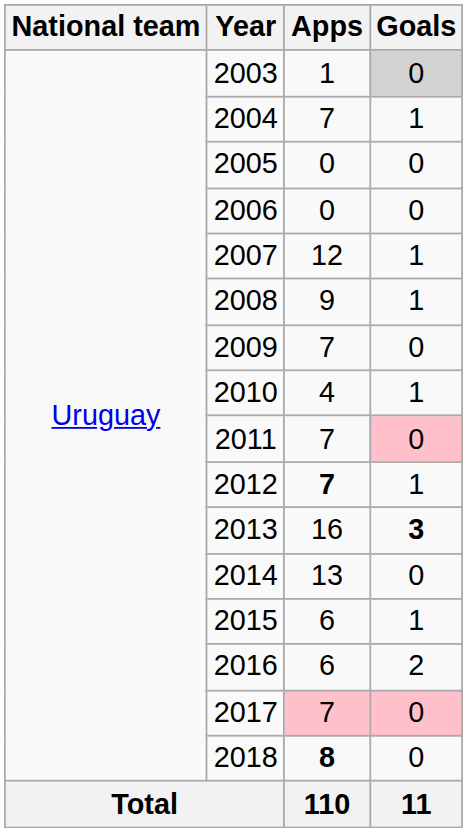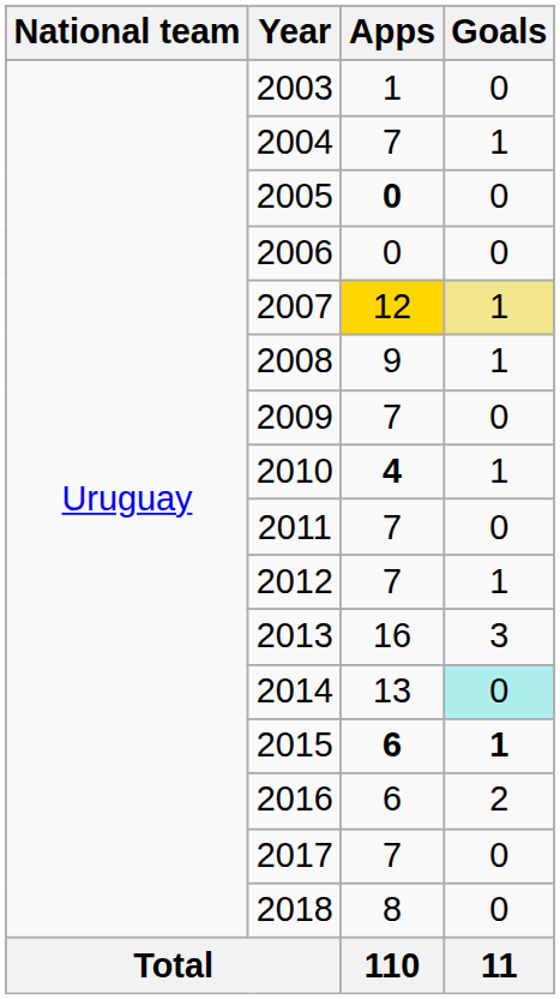 <table class="wikitable" style="text-align:center">
 <tr>
 <th>National team</th>
 <th>Year</th>
 <th>Apps</th>
 <th>Goals</th>
 </tr>
 <tr>
 <td rowspan="16"><a href='#'>Uruguay</a></td>
 <td>2003</td>
 <td>1</td>
-<td style="background: lightgrey;">0</td>
+<td>0</td>
 </tr>
 <tr>
 <td>2004</td>
 <td>7</td>
 <td>1</td>
 </tr>
 <tr>
 <td>2005</td>
-<td>0</td>
+<td><strong>0</strong></td>
 <td>0</td>
 </tr>
 <tr>
 <td>2006</td>
 <td>0</td>
 <td>0</td>
 </tr>
 <tr>
 <td>2007</td>
-<td>12</td>
-<td>1</td>
+<td style="background: gold;">12</td>
+<td style="background: khaki;">1</td>
 </tr>
 <tr>
 <td>2008</td>
 <td>9</td>
 <td>1</td>
 </tr>
 <tr>
 <td>2009</td>
 <td>7</td>
 <td>0</td>
 </tr>
 <tr>
 <td>2010</td>
-<td>4</td>
+<td><strong>4</strong></td>
 <td>1</td>
 </tr>
 <tr>
 <td>2011</td>
 <td>7</td>
-<td style="background: pink;">0</td>
+<td>0</td>
 </tr>
 <tr>
 <td>2012</td>
-<td><strong>7</strong></td>
+<td>7</td>
 <td>1</td>
 </tr>
 <tr>
 <td>2013</td>
 <td>16</td>
-<td><strong>3</strong></td>
+<td>3</td>
 </tr>
 <tr>
 <td>2014</td>
 <td>13</td>
-<td>0</td>
+<td style="background: paleturquoise;">0</td>
 </tr>
 <tr>
 <td>2015</td>
-<td>6</td>
-<td>1</td>
+<td><strong>6</strong></td>
+<td><strong>1</strong></td>
 </tr>
 <tr>
 <td>2016</td>
 <td>6</td>
 <td>2</td>
 </tr>
 <tr>
 <td>2017</td>
-<td style="background: pink;">7</td>
-<td style="background: pink;">0</td>
+<td>7</td>
+<td>0</td>
 </tr>
 <tr>
 <td>2018</td>
-<td><strong>8</strong></td>
+<td>8</td>
 <td>0</td>
 </tr>
 <tr>
 <th colspan="2">Total</th>
 <th>110</th>
 <th>11</th>
 </tr>
 </table>
